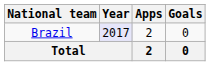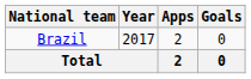 <table class="wikitable" style="text-align:center">
 <tr>
 <th>National team</th>
 <th>Year</th>
 <th>Apps</th>
 <th>Goals</th>
 </tr>
 <tr>
 <td rowspan="1"><a href='#'>Brazil</a></td>
-<td style="background: lavender;">2017</td>
+<td>2017</td>
 <td>2</td>
 <td>0</td>
 </tr>
 <tr>
 <th colspan="2">Total</th>
 <th>2</th>
 <th>0</th>
 </tr>
 </table>
